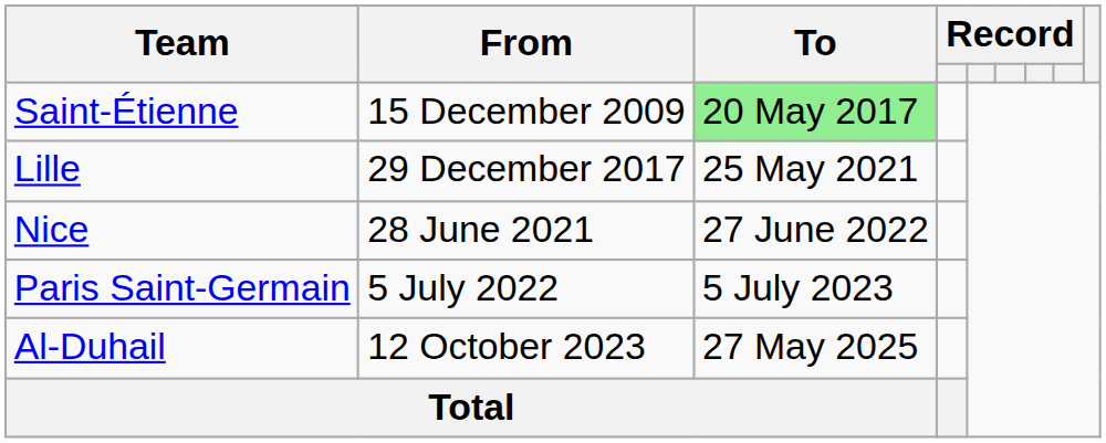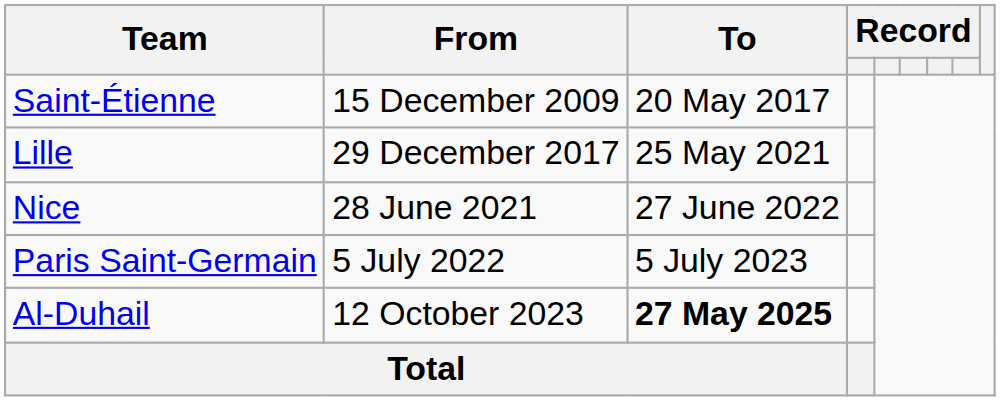 <table class="wikitable" style="text-align: center;">
 <tr>
 <th rowspan="2">Team</th>
 <th rowspan="2">From</th>
 <th rowspan="2">To</th>
 <th colspan="5">Record</th>
 <th rowspan="2"></th>
 </tr>
 <tr>
 <th></th>
 <th></th>
 <th></th>
 <th></th>
 <th></th>
 </tr>
 <tr>
 <td align="left"><a href='#'>Saint-Étienne</a></td>
 <td align="left">15 December 2009</td>
-<td align="left" style="background: lightgreen;">20 May 2017<br></td>
+<td align="left">20 May 2017<br></td>
 <td></td>
 </tr>
 <tr>
 <td align="left"><a href='#'>Lille</a></td>
 <td align="left">29 December 2017</td>
 <td align="left">25 May 2021<br></td>
 <td></td>
 </tr>
 <tr>
 <td align="left"><a href='#'>Nice</a></td>
 <td align="left">28 June 2021</td>
 <td align="left">27 June 2022<br></td>
 <td></td>
 </tr>
 <tr>
 <td align="left"><a href='#'>Paris Saint-Germain</a></td>
 <td align="left">5 July 2022</td>
 <td align="left">5 July 2023<br></td>
 <td></td>
 </tr>
 <tr>
 <td align="left"><a href='#'>Al-Duhail</a></td>
 <td align="left">12 October 2023</td>
-<td align="left">27 May 2025<br></td>
+<td align="left"><strong>27 May 2025<br></strong></td>
 <td></td>
 </tr>
 <tr>
 <th colspan="3">Total<br></th>
 <th></th>
 </tr>
 </table>
